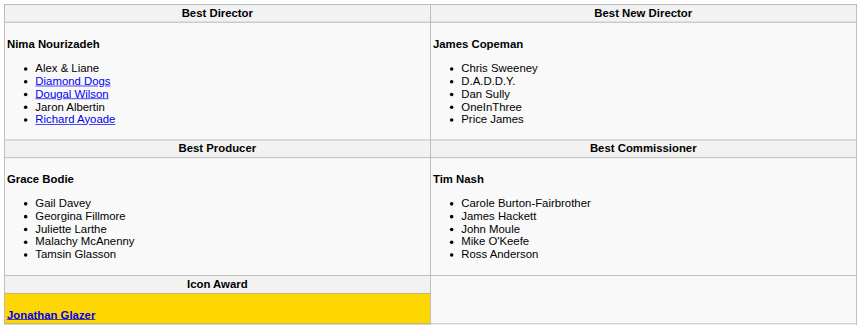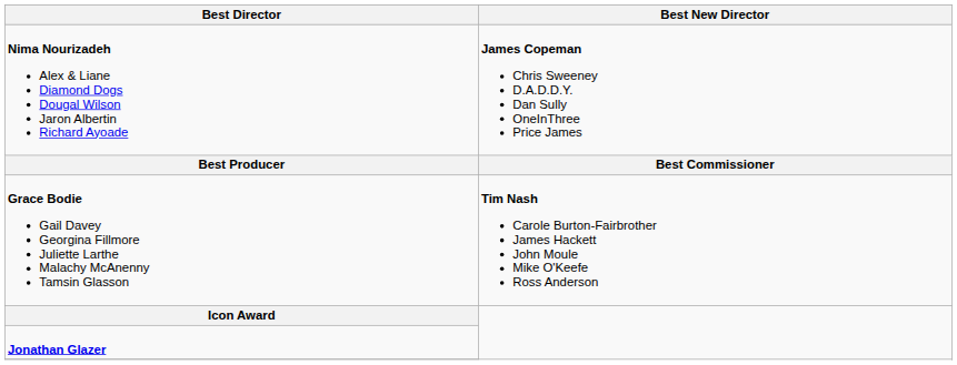 <table class="wikitable" style="width:95%">
 <tr bgcolor="#bebebe">
 <th width="50%">Best Director</th>
 <th width="50%">Best New Director</th>
 </tr>
 <tr>
 <td valign="top"><br><strong>Nima Nourizadeh</strong><ul><li>Alex & Liane</li><li><a href='#'>Diamond Dogs</a></li><li><a href='#'>Dougal Wilson</a></li><li>Jaron Albertin</li><li><a href='#'>Richard Ayoade</a></li></ul></td>
 <td valign="top"><br><strong>James Copeman</strong><ul><li>Chris Sweeney</li><li>D.A.D.D.Y.</li><li>Dan Sully</li><li>OneInThree</li><li>Price James</li></ul></td>
 </tr>
 <tr>
 <th width="50%">Best Producer</th>
 <th width="50%">Best Commissioner</th>
 </tr>
 <tr>
 <td valign="top"><br><strong>Grace Bodie</strong><ul><li>Gail Davey</li><li>Georgina Fillmore</li><li>Juliette Larthe</li><li>Malachy McAnenny</li><li>Tamsin Glasson</li></ul></td>
 <td valign="top"><br><strong>Tim Nash</strong><ul><li>Carole Burton-Fairbrother</li><li>James Hackett</li><li>John Moule</li><li>Mike O'Keefe</li><li>Ross Anderson</li></ul></td>
 </tr>
 <tr>
 <th width="50%">Icon Award</th>
 </tr>
 <tr>
-<td valign="top" style="background: gold;"><br><strong><a href='#'>Jonathan Glazer</a></strong></td>
+<td valign="top"><br><strong><a href='#'>Jonathan Glazer</a></strong></td>
 </tr>
 <tr>
 </tr>
 </table>
